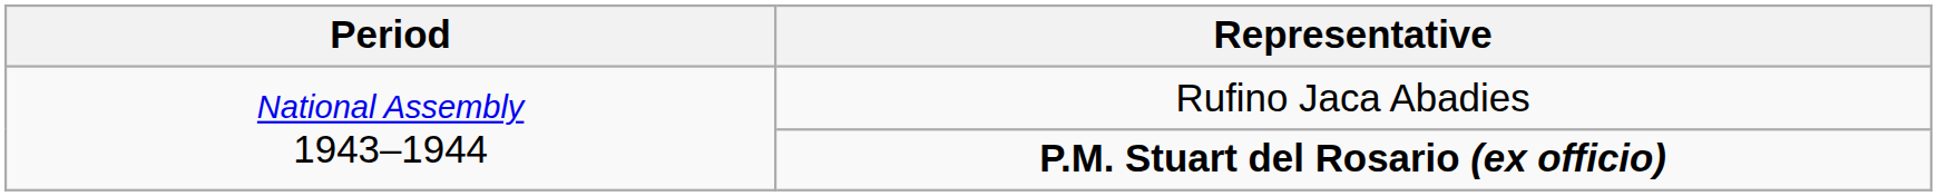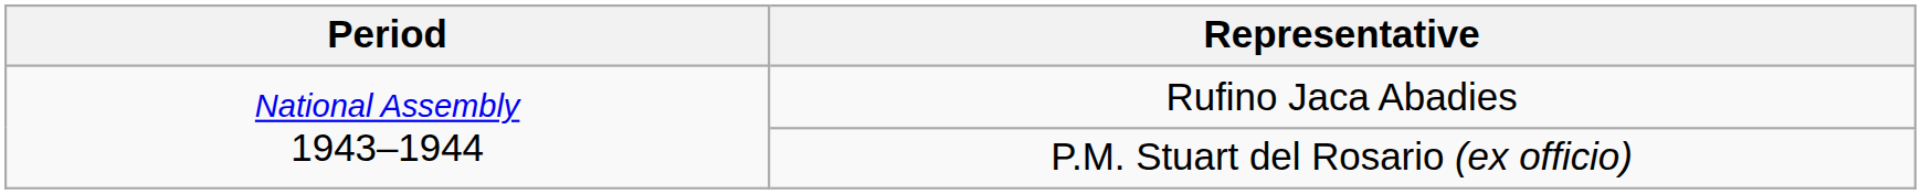 <table class="wikitable" style="text-align:center; width:40%;">
 <tr>
 <th width="40%">Period</th>
 <th>Representative</th>
 </tr>
 <tr>
 <td rowspan="2"><small><a href='#'><em>National Assembly</em></a></small><br>1943–1944</td>
 <td>Rufino Jaca Abadies</td>
 </tr>
 <tr>
-<td><strong>P.M. Stuart del Rosario <em>(ex officio)</em></strong></td>
+<td>P.M. Stuart del Rosario <em>(ex officio)</em></td>
 </tr>
 </table>
